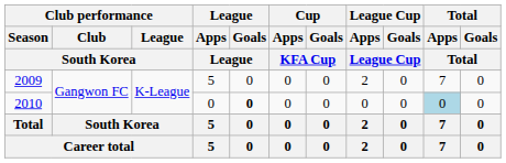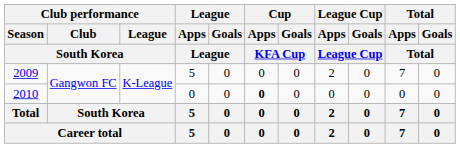 <table class="wikitable" style="text-align:center">
 <tr>
 <th colspan=3>Club performance</th>
 <th colspan=2>League</th>
 <th colspan=2>Cup</th>
 <th colspan=2>League Cup</th>
 <th colspan=2>Total</th>
 </tr>
 <tr>
 <th>Season</th>
 <th>Club</th>
 <th>League</th>
 <th>Apps</th>
 <th>Goals</th>
 <th>Apps</th>
 <th>Goals</th>
 <th>Apps</th>
 <th>Goals</th>
 <th>Apps</th>
 <th>Goals</th>
 </tr>
 <tr>
 <th colspan=3>South Korea</th>
 <th colspan=2>League</th>
 <th colspan=2><a href='#'>KFA Cup</a></th>
 <th colspan=2><a href='#'>League Cup</a></th>
 <th colspan=2>Total</th>
 </tr>
 <tr>
 <td><a href='#'>2009</a></td>
 <td rowspan=2><a href='#'>Gangwon FC</a></td>
 <td rowspan=2><a href='#'>K-League</a></td>
 <td>5</td>
 <td>0</td>
 <td>0</td>
 <td>0</td>
 <td>2</td>
 <td>0</td>
 <td>7</td>
 <td>0</td>
 </tr>
 <tr>
 <td><a href='#'>2010</a></td>
 <td>0</td>
+<td>0</td>
 <td><strong>0</strong></td>
 <td>0</td>
 <td>0</td>
 <td>0</td>
 <td>0</td>
-<td style="background: lightblue;">0</td>
 <td>0</td>
 </tr>
 <tr>
 <th rowspan=1>Total</th>
 <th colspan=2>South Korea</th>
 <th>5</th>
 <th>0</th>
 <th>0</th>
 <th>0</th>
 <th>2</th>
 <th>0</th>
 <th>7</th>
 <th>0</th>
 </tr>
 <tr>
 <th colspan=3>Career total</th>
 <th>5</th>
 <th>0</th>
 <th>0</th>
 <th>0</th>
 <th>2</th>
 <th>0</th>
 <th>7</th>
 <th>0</th>
 </tr>
 </table>
